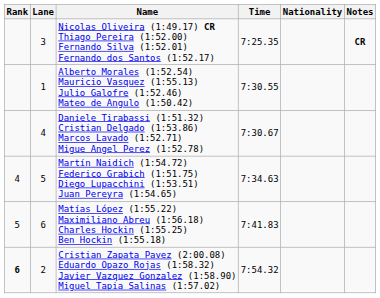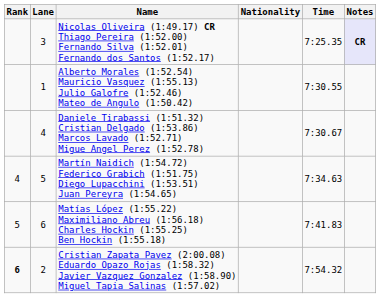 <table class="wikitable sortable" style="text-align:center">
 <tr>
 <th>Rank</th>
 <th>Lane</th>
 <th>Name</th>
+<th>Nationality</th>
 <th>Time</th>
-<th>Nationality</th>
 <th>Notes</th>
 </tr>
 <tr>
 <td></td>
 <td>3</td>
 <td align=left><a href='#'>Nicolas Oliveira</a> (1:49.17) <strong>CR</strong> <br> <a href='#'>Thiago Pereira</a> (1:52.00) <br> <a href='#'>Fernando Silva</a> (1:52.01) <br> <a href='#'>Fernando dos Santos</a> (1:52.17)</td>
+<td align=left></td>
 <td>7:25.35</td>
-<td align=left></td>
-<td><strong>CR</strong></td>
+<td style="background: lavender;"><strong>CR</strong></td>
 </tr>
 <tr>
 <td></td>
 <td>1</td>
 <td align=left><a href='#'>Alberto Morales</a> (1:52.54) <br> <a href='#'>Mauricio Vasquez</a> (1:55.13) <br> <a href='#'>Julio Galofre</a> (1:52.46) <br> <a href='#'>Mateo de Angulo</a> (1:50.42)</td>
+<td align=left></td>
 <td>7:30.55</td>
-<td align=left></td>
 <td></td>
 </tr>
 <tr>
 <td></td>
 <td>4</td>
 <td align=left><a href='#'>Daniele Tirabassi</a> (1:51.32) <br> <a href='#'>Cristian Delgado</a> (1:53.86) <br> <a href='#'>Marcos Lavado</a> (1:52.71) <br> <a href='#'>Migue Angel Perez</a> (1:52.78)</td>
+<td align=left></td>
 <td>7:30.67</td>
-<td align=left></td>
 <td></td>
 </tr>
 <tr>
 <td>4</td>
 <td>5</td>
 <td align=left><a href='#'>Martín Naidich</a> (1:54.72) <br> <a href='#'>Federico Grabich</a> (1:51.75) <br> <a href='#'>Diego Lupacchini</a> (1:53.51) <br> <a href='#'>Juan Pereyra</a> (1:54.65)</td>
+<td align=left></td>
 <td>7:34.63</td>
-<td align=left></td>
 <td></td>
 </tr>
 <tr>
 <td>5</td>
 <td>6</td>
 <td align=left><a href='#'>Matías López</a> (1:55.22) <br> <a href='#'>Maximiliano Abreu</a> (1:56.18) <br> <a href='#'>Charles Hockin</a> (1:55.25) <br> <a href='#'>Ben Hockin</a> (1:55.18)</td>
+<td align=left></td>
 <td>7:41.83</td>
-<td align=left></td>
 <td></td>
 </tr>
 <tr>
 <td><strong>6</strong></td>
 <td>2</td>
 <td align=left><a href='#'>Cristian Zapata Pavez</a> (2:00.08) <br> <a href='#'>Eduardo Opazo Rojas</a> (1:58.32) <br> <a href='#'>Javier Vazquez Gonzalez</a> (1:58.90) <br> <a href='#'>Miguel Tapia Salinas</a> (1:57.02)</td>
+<td align=left></td>
 <td>7:54.32</td>
-<td align=left></td>
 <td></td>
 </tr>
 </table>
